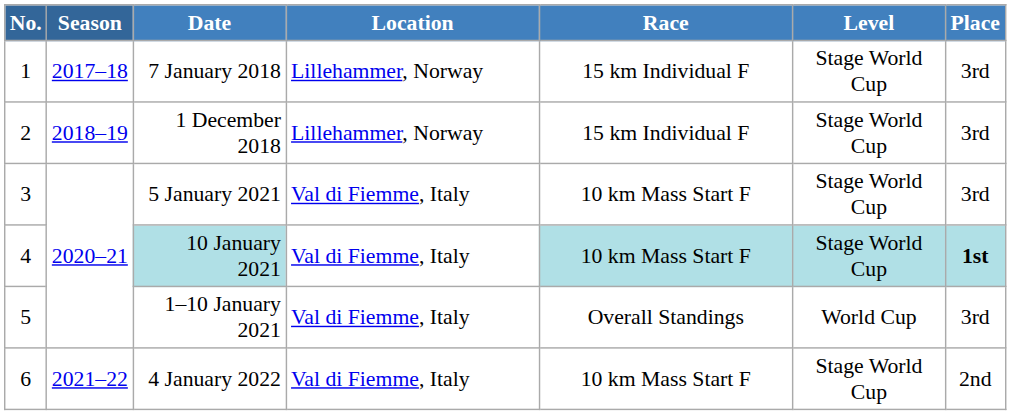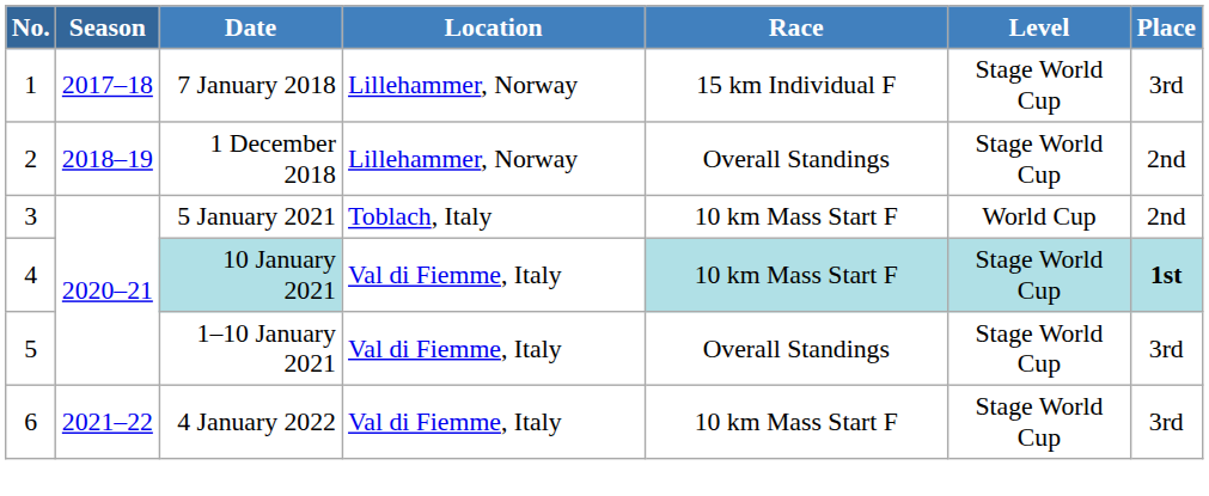 <table class="wikitable sortable" style="font-size:95%; text-align:center; border:grey solid 1px; border-collapse:collapse; background:#ffffff;">
 <tr style="background:#efefef;">
 <th style="background-color:#369; color:white;">No.</th>
 <th style="background-color:#369; color:white;">Season</th>
 <th style="background-color:#4180be; color:white; width:100px;">Date</th>
 <th style="background-color:#4180be; color:white; width:170px;">Location</th>
 <th style="background-color:#4180be; color:white; width:170px;">Race</th>
 <th style="background-color:#4180be; color:white; width:100px;">Level</th>
 <th style="background-color:#4180be; color:white;">Place</th>
 </tr>
 <tr>
 <td align=center>1</td>
 <td><a href='#'>2017–18</a></td>
 <td align=right>7 January 2018</td>
 <td align=left> <a href='#'>Lillehammer</a>, Norway</td>
 <td>15 km Individual F</td>
 <td>Stage World Cup</td>
 <td>3rd</td>
 </tr>
 <tr>
 <td align=center>2</td>
 <td><a href='#'>2018–19</a></td>
 <td align=right>1 December 2018</td>
 <td align=left> <a href='#'>Lillehammer</a>, Norway</td>
-<td>15 km Individual F</td>
+<td>Overall Standings</td>
 <td>Stage World Cup</td>
-<td>3rd</td>
+<td>2nd</td>
 </tr>
 <tr>
 <td align=center>3</td>
 <td rowspan=3 align=center><a href='#'>2020–21</a></td>
 <td align=right>5 January 2021</td>
-<td align=left> <a href='#'>Val di Fiemme</a>, Italy</td>
+<td align=left> <a href='#'>Toblach</a>, Italy</td>
 <td>10 km Mass Start F</td>
-<td>Stage World Cup</td>
-<td>3rd</td>
+<td>World Cup</td>
+<td>2nd</td>
 </tr>
 <tr>
 <td align=center>4</td>
 <td bgcolor="#BOEOE6" align=right>10 January 2021</td>
 <td align=left> <a href='#'>Val di Fiemme</a>, Italy</td>
 <td bgcolor="#BOEOE6">10 km Mass Start F</td>
 <td bgcolor="#BOEOE6">Stage World Cup</td>
 <td bgcolor="#BOEOE6"><strong>1st</strong></td>
 </tr>
 <tr>
 <td align=center>5</td>
 <td align="right">1–10 January 2021</td>
 <td align=left> <a href='#'>Val di Fiemme</a>, Italy</td>
 <td>Overall Standings</td>
-<td>World Cup</td>
+<td>Stage World Cup</td>
 <td>3rd</td>
 </tr>
 <tr>
 <td align=center>6</td>
 <td><a href='#'>2021–22</a></td>
 <td align=right>4 January 2022</td>
 <td align=left> <a href='#'>Val di Fiemme</a>, Italy</td>
 <td>10 km Mass Start F</td>
 <td>Stage World Cup</td>
-<td>2nd</td>
+<td>3rd</td>
 </tr>
 </table>
